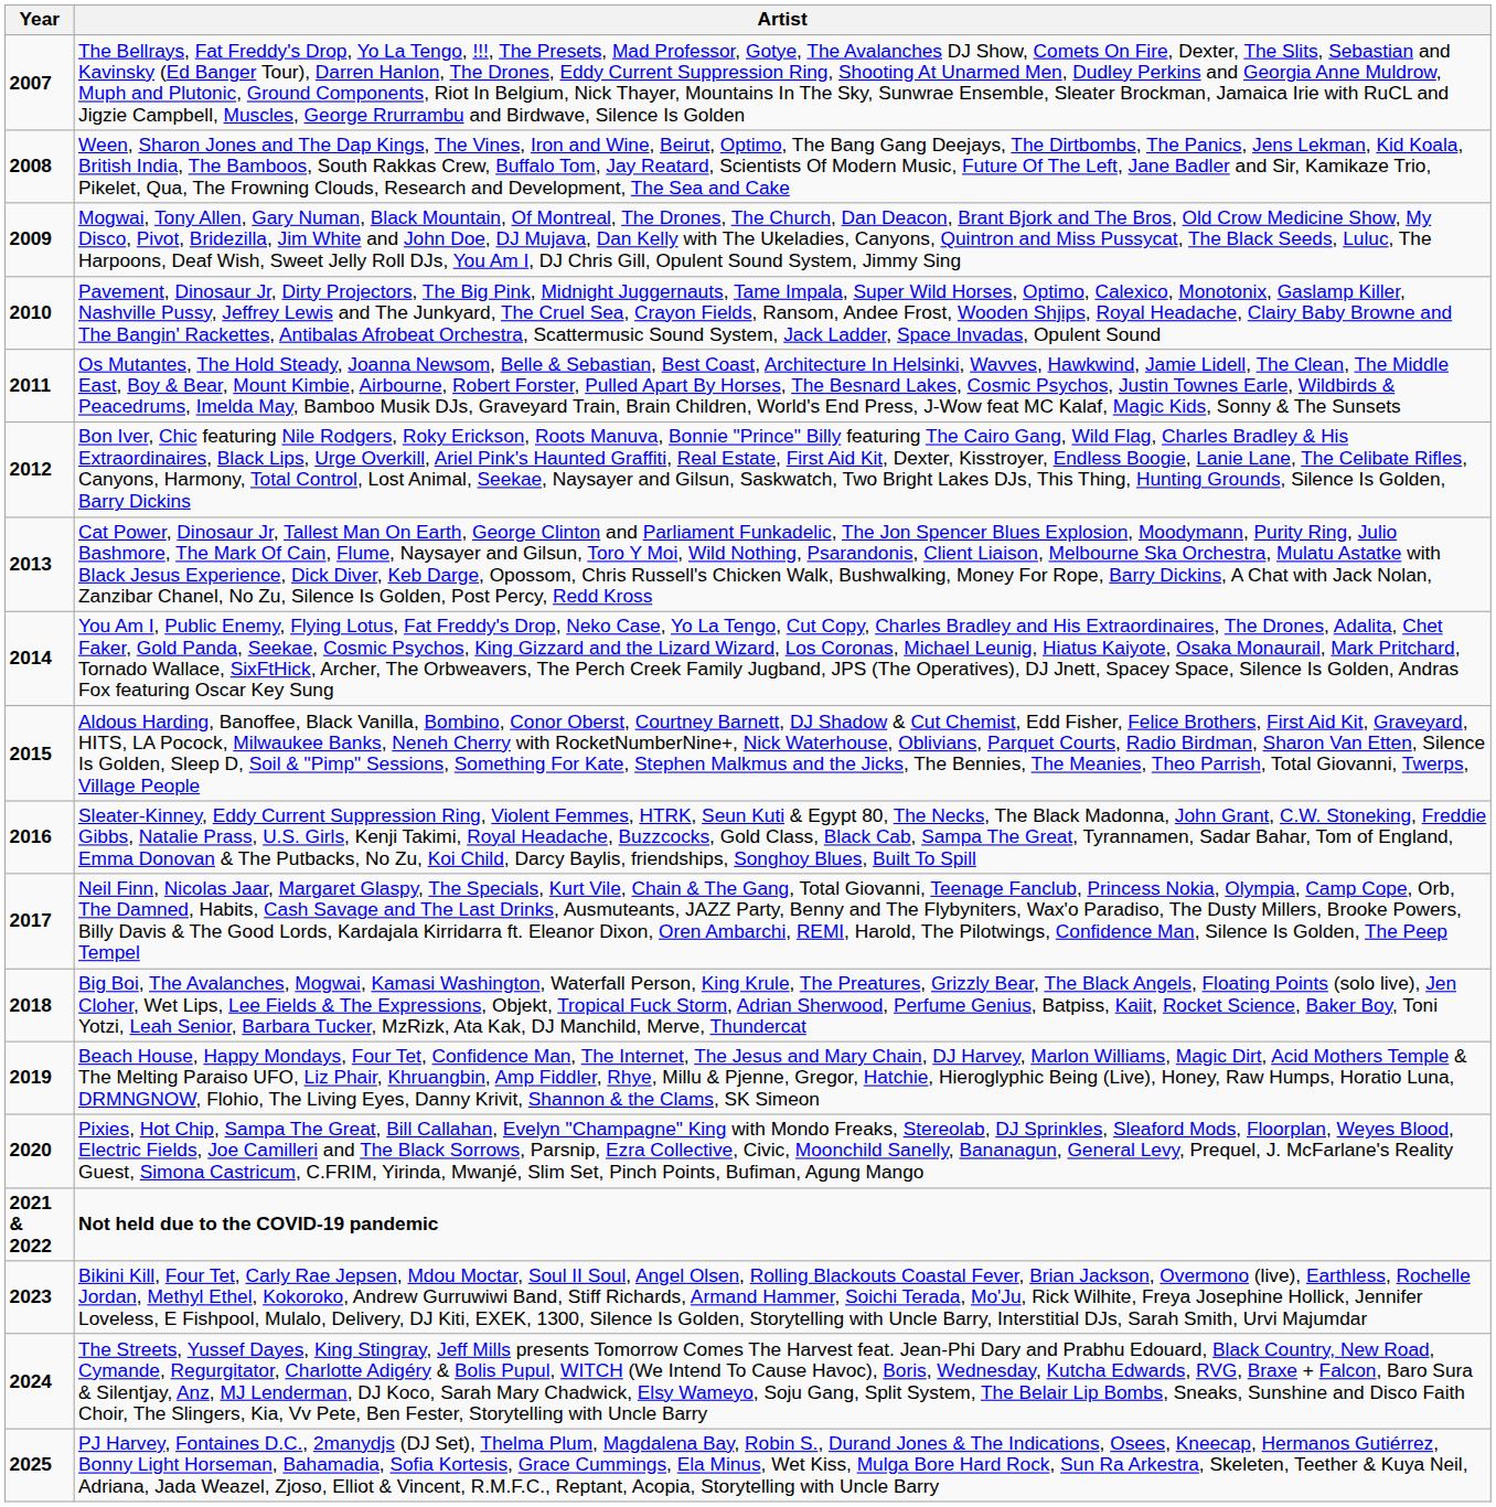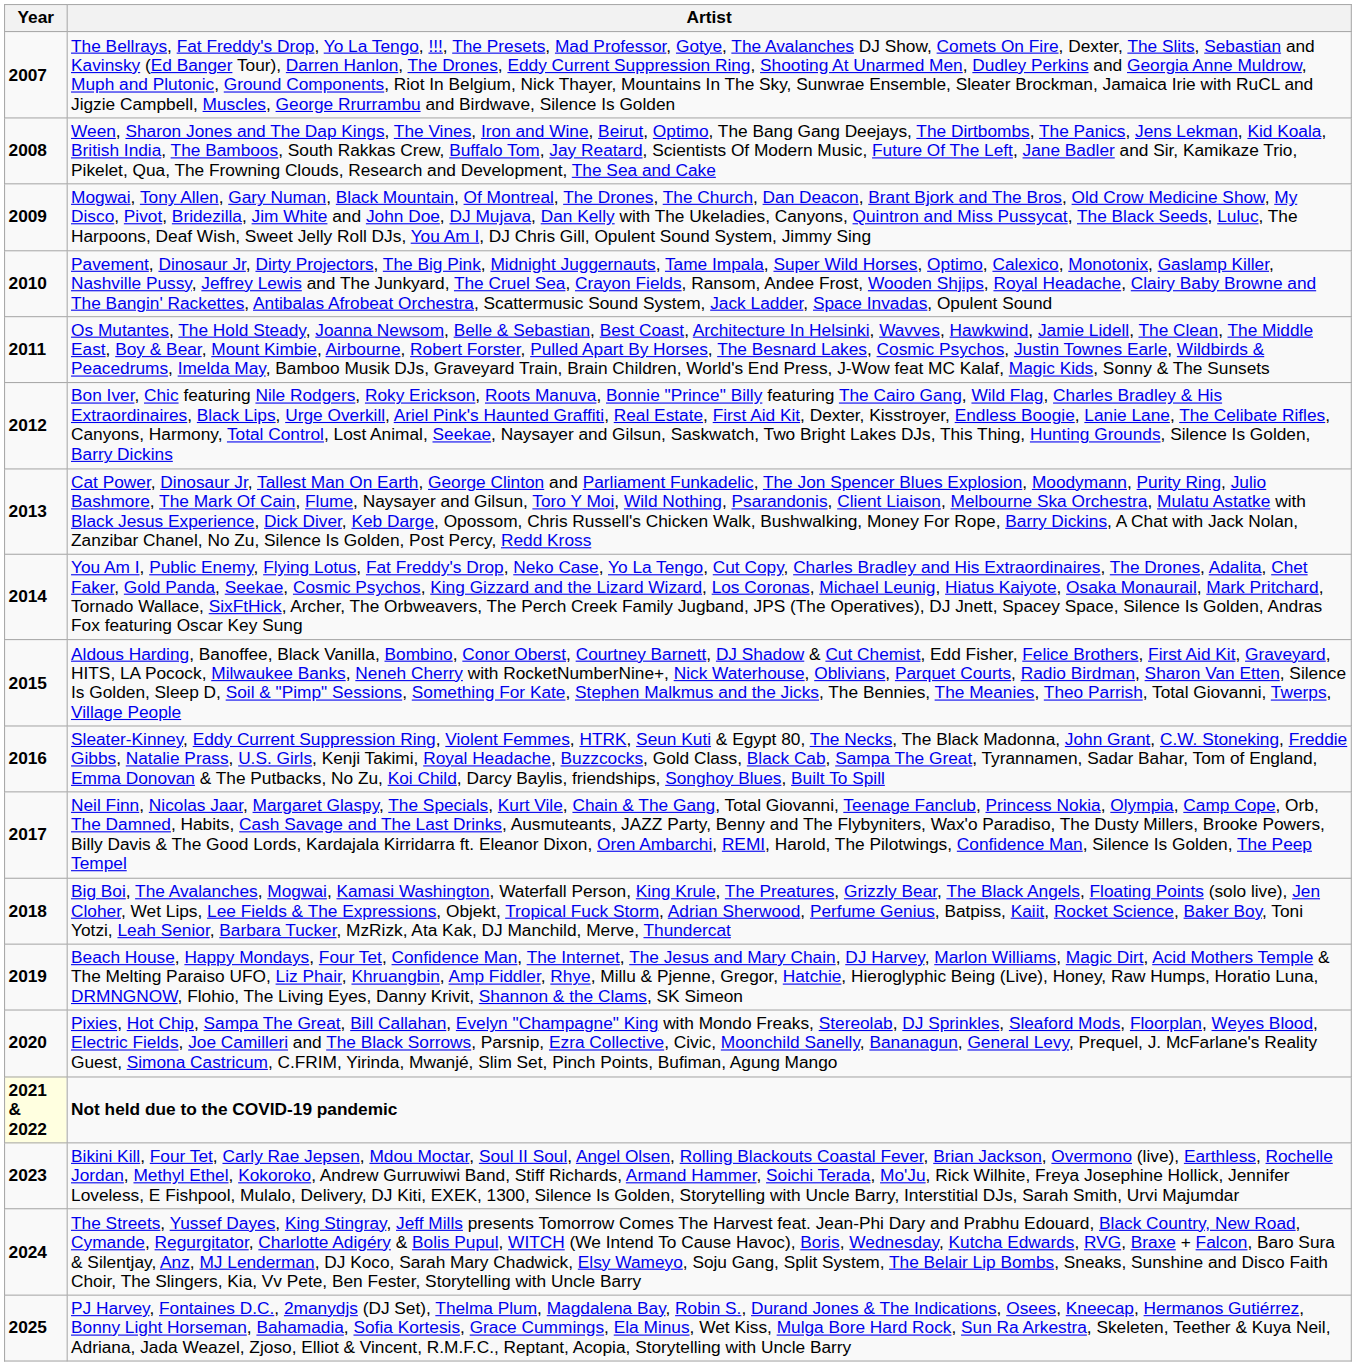 <table class="wikitable">
 <tr>
 <th>Year</th>
 <th>Artist</th>
 </tr>
 <tr>
 <td><strong>2007</strong></td>
 <td><a href='#'>The Bellrays</a>, <a href='#'>Fat Freddy's Drop</a>, <a href='#'>Yo La Tengo</a>, <a href='#'>!!!</a>, <a href='#'>The Presets</a>, <a href='#'>Mad Professor</a>, <a href='#'>Gotye</a>, <a href='#'>The Avalanches</a> DJ Show, <a href='#'>Comets On Fire</a>, Dexter, <a href='#'>The Slits</a>, <a href='#'>Sebastian</a> and <a href='#'>Kavinsky</a> (<a href='#'>Ed Banger</a> Tour), <a href='#'>Darren Hanlon</a>, <a href='#'>The Drones</a>, <a href='#'>Eddy Current Suppression Ring</a>, <a href='#'>Shooting At Unarmed Men</a>, <a href='#'>Dudley Perkins</a> and <a href='#'>Georgia Anne Muldrow</a>, <a href='#'>Muph and Plutonic</a>, <a href='#'>Ground Components</a>, Riot In Belgium, Nick Thayer, Mountains In The Sky, Sunwrae Ensemble, Sleater Brockman, Jamaica Irie with RuCL and Jigzie Campbell, <a href='#'>Muscles</a>, <a href='#'>George Rrurrambu</a> and Birdwave, Silence Is Golden</td>
 </tr>
 <tr>
 <td><strong>2008</strong></td>
 <td><a href='#'>Ween</a>, <a href='#'>Sharon Jones and The Dap Kings</a>, <a href='#'>The Vines</a>, <a href='#'>Iron and Wine</a>, <a href='#'>Beirut</a>, <a href='#'>Optimo</a>, The Bang Gang Deejays, <a href='#'>The Dirtbombs</a>, <a href='#'>The Panics</a>, <a href='#'>Jens Lekman</a>, <a href='#'>Kid Koala</a>, <a href='#'>British India</a>, <a href='#'>The Bamboos</a>, South Rakkas Crew, <a href='#'>Buffalo Tom</a>, <a href='#'>Jay Reatard</a>, Scientists Of Modern Music, <a href='#'>Future Of The Left</a>, <a href='#'>Jane Badler</a> and Sir, Kamikaze Trio, Pikelet, Qua, The Frowning Clouds, Research and Development, <a href='#'>The Sea and Cake</a></td>
 </tr>
 <tr>
 <td><strong>2009</strong></td>
 <td><a href='#'>Mogwai</a>, <a href='#'>Tony Allen</a>, <a href='#'>Gary Numan</a>, <a href='#'>Black Mountain</a>, <a href='#'>Of Montreal</a>, <a href='#'>The Drones</a>, <a href='#'>The Church</a>, <a href='#'>Dan Deacon</a>, <a href='#'>Brant Bjork and The Bros</a>, <a href='#'>Old Crow Medicine Show</a>, <a href='#'>My Disco</a>, <a href='#'>Pivot</a>, <a href='#'>Bridezilla</a>, <a href='#'>Jim White</a> and <a href='#'>John Doe</a>, <a href='#'>DJ Mujava</a>, <a href='#'>Dan Kelly</a> with The Ukeladies, Canyons, <a href='#'>Quintron and Miss Pussycat</a>, <a href='#'>The Black Seeds</a>, <a href='#'>Luluc</a>, The Harpoons, Deaf Wish, Sweet Jelly Roll DJs, <a href='#'>You Am I</a>, DJ Chris Gill, Opulent Sound System, Jimmy Sing</td>
 </tr>
 <tr>
 <td><strong>2010</strong></td>
 <td><a href='#'>Pavement</a>, <a href='#'>Dinosaur Jr</a>, <a href='#'>Dirty Projectors</a>, <a href='#'>The Big Pink</a>, <a href='#'>Midnight Juggernauts</a>, <a href='#'>Tame Impala</a>, <a href='#'>Super Wild Horses</a>, <a href='#'>Optimo</a>, <a href='#'>Calexico</a>, <a href='#'>Monotonix</a>, <a href='#'>Gaslamp Killer</a>, <a href='#'>Nashville Pussy</a>, <a href='#'>Jeffrey Lewis</a> and The Junkyard, <a href='#'>The Cruel Sea</a>, <a href='#'>Crayon Fields</a>, Ransom, Andee Frost, <a href='#'>Wooden Shjips</a>, <a href='#'>Royal Headache</a>, <a href='#'>Clairy Baby Browne and The Bangin' Rackettes</a>, <a href='#'>Antibalas Afrobeat Orchestra</a>, Scattermusic Sound System, <a href='#'>Jack Ladder</a>, <a href='#'>Space Invadas</a>, Opulent Sound</td>
 </tr>
 <tr>
 <td><strong>2011</strong></td>
 <td><a href='#'>Os Mutantes</a>, <a href='#'>The Hold Steady</a>, <a href='#'>Joanna Newsom</a>, <a href='#'>Belle & Sebastian</a>, <a href='#'>Best Coast</a>, <a href='#'>Architecture In Helsinki</a>, <a href='#'>Wavves</a>, <a href='#'>Hawkwind</a>, <a href='#'>Jamie Lidell</a>, <a href='#'>The Clean</a>, <a href='#'>The Middle East</a>, <a href='#'>Boy & Bear</a>, <a href='#'>Mount Kimbie</a>, <a href='#'>Airbourne</a>, <a href='#'>Robert Forster</a>, <a href='#'>Pulled Apart By Horses</a>, <a href='#'>The Besnard Lakes</a>, <a href='#'>Cosmic Psychos</a>, <a href='#'>Justin Townes Earle</a>, <a href='#'>Wildbirds & Peacedrums</a>, <a href='#'>Imelda May</a>, Bamboo Musik DJs, Graveyard Train, Brain Children, World's End Press, J-Wow feat MC Kalaf, <a href='#'>Magic Kids</a>, Sonny & The Sunsets</td>
 </tr>
 <tr>
 <td><strong>2012</strong></td>
 <td><a href='#'>Bon Iver</a>, <a href='#'>Chic</a> featuring <a href='#'>Nile Rodgers</a>, <a href='#'>Roky Erickson</a>, <a href='#'>Roots Manuva</a>, <a href='#'>Bonnie "Prince" Billy</a> featuring <a href='#'>The Cairo Gang</a>, <a href='#'>Wild Flag</a>, <a href='#'>Charles Bradley & His Extraordinaires</a>, <a href='#'>Black Lips</a>, <a href='#'>Urge Overkill</a>, <a href='#'>Ariel Pink's Haunted Graffiti</a>, <a href='#'>Real Estate</a>, <a href='#'>First Aid Kit</a>, Dexter, Kisstroyer, <a href='#'>Endless Boogie</a>, <a href='#'>Lanie Lane</a>, <a href='#'>The Celibate Rifles</a>, Canyons, Harmony, <a href='#'>Total Control</a>, Lost Animal, <a href='#'>Seekae</a>, Naysayer and Gilsun, Saskwatch, Two Bright Lakes DJs, This Thing, <a href='#'>Hunting Grounds</a>, Silence Is Golden, <a href='#'>Barry Dickins</a></td>
 </tr>
 <tr>
 <td><strong>2013</strong></td>
 <td><a href='#'>Cat Power</a>, <a href='#'>Dinosaur Jr</a>, <a href='#'>Tallest Man On Earth</a>, <a href='#'>George Clinton</a> and <a href='#'>Parliament Funkadelic</a>, <a href='#'>The Jon Spencer Blues Explosion</a>, <a href='#'>Moodymann</a>, <a href='#'>Purity Ring</a>, <a href='#'>Julio Bashmore</a>, <a href='#'>The Mark Of Cain</a>, <a href='#'>Flume</a>, Naysayer and Gilsun, <a href='#'>Toro Y Moi</a>, <a href='#'>Wild Nothing</a>, <a href='#'>Psarandonis</a>, <a href='#'>Client Liaison</a>, <a href='#'>Melbourne Ska Orchestra</a>, <a href='#'>Mulatu Astatke</a> with <a href='#'>Black Jesus Experience</a>, <a href='#'>Dick Diver</a>, <a href='#'>Keb Darge</a>, Opossom, Chris Russell's Chicken Walk, Bushwalking, Money For Rope, <a href='#'>Barry Dickins</a>, A Chat with Jack Nolan, Zanzibar Chanel, No Zu, Silence Is Golden, Post Percy, <a href='#'>Redd Kross</a></td>
 </tr>
 <tr>
 <td><strong>2014</strong></td>
 <td><a href='#'>You Am I</a>, <a href='#'>Public Enemy</a>, <a href='#'>Flying Lotus</a>, <a href='#'>Fat Freddy's Drop</a>, <a href='#'>Neko Case</a>, <a href='#'>Yo La Tengo</a>, <a href='#'>Cut Copy</a>, <a href='#'>Charles Bradley and His Extraordinaires</a>, <a href='#'>The Drones</a>, <a href='#'>Adalita</a>, <a href='#'>Chet Faker</a>, <a href='#'>Gold Panda</a>, <a href='#'>Seekae</a>, <a href='#'>Cosmic Psychos</a>, <a href='#'>King Gizzard and the Lizard Wizard</a>, <a href='#'>Los Coronas</a>, <a href='#'>Michael Leunig</a>, <a href='#'>Hiatus Kaiyote</a>, <a href='#'>Osaka Monaurail</a>, <a href='#'>Mark Pritchard</a>, Tornado Wallace, <a href='#'>SixFtHick</a>, Archer, The Orbweavers, The Perch Creek Family Jugband, JPS (The Operatives), DJ Jnett, Spacey Space, Silence Is Golden, Andras Fox featuring Oscar Key Sung</td>
 </tr>
 <tr>
 <td><strong>2015</strong></td>
 <td><a href='#'>Aldous Harding</a>, Banoffee, Black Vanilla, <a href='#'>Bombino</a>, <a href='#'>Conor Oberst</a>, <a href='#'>Courtney Barnett</a>, <a href='#'>DJ Shadow</a> & <a href='#'>Cut Chemist</a>, Edd Fisher, <a href='#'>Felice Brothers</a>, <a href='#'>First Aid Kit</a>, <a href='#'>Graveyard</a>, HITS, LA Pocock, <a href='#'>Milwaukee Banks</a>, <a href='#'>Neneh Cherry</a> with RocketNumberNine+, <a href='#'>Nick Waterhouse</a>, <a href='#'>Oblivians</a>, <a href='#'>Parquet Courts</a>, <a href='#'>Radio Birdman</a>, <a href='#'>Sharon Van Etten</a>, Silence Is Golden, Sleep D, <a href='#'>Soil & "Pimp" Sessions</a>, <a href='#'>Something For Kate</a>, <a href='#'>Stephen Malkmus and the Jicks</a>, The Bennies, <a href='#'>The Meanies</a>, <a href='#'>Theo Parrish</a>, Total Giovanni, <a href='#'>Twerps</a>, <a href='#'>Village People</a></td>
 </tr>
 <tr>
 <td><strong>2016</strong></td>
 <td><a href='#'>Sleater-Kinney</a>, <a href='#'>Eddy Current Suppression Ring</a>, <a href='#'>Violent Femmes</a>, <a href='#'>HTRK</a>, <a href='#'>Seun Kuti</a> & Egypt 80, <a href='#'>The Necks</a>, The Black Madonna, <a href='#'>John Grant</a>, <a href='#'>C.W. Stoneking</a>, <a href='#'>Freddie Gibbs</a>, <a href='#'>Natalie Prass</a>, <a href='#'>U.S. Girls</a>, Kenji Takimi, <a href='#'>Royal Headache</a>, <a href='#'>Buzzcocks</a>, Gold Class, <a href='#'>Black Cab</a>, <a href='#'>Sampa The Great</a>, Tyrannamen, Sadar Bahar, Tom of England, <a href='#'>Emma Donovan</a> & The Putbacks, No Zu, <a href='#'>Koi Child</a>, Darcy Baylis, friendships, <a href='#'>Songhoy Blues</a>, <a href='#'>Built To Spill</a></td>
 </tr>
 <tr>
 <td><strong>2017</strong></td>
 <td><a href='#'>Neil Finn</a>, <a href='#'>Nicolas Jaar</a>, <a href='#'>Margaret Glaspy</a>, <a href='#'>The Specials</a>, <a href='#'>Kurt Vile</a>, <a href='#'>Chain & The Gang</a>, Total Giovanni, <a href='#'>Teenage Fanclub</a>, <a href='#'>Princess Nokia</a>, <a href='#'>Olympia</a>, <a href='#'>Camp Cope</a>, Orb, <a href='#'>The Damned</a>, Habits, <a href='#'>Cash Savage and The Last Drinks</a>, Ausmuteants, JAZZ Party, Benny and The Flybyniters, Wax'o Paradiso, The Dusty Millers, Brooke Powers, Billy Davis & The Good Lords, Kardajala Kirridarra ft. Eleanor Dixon, <a href='#'>Oren Ambarchi</a>, <a href='#'>REMI</a>, Harold, The Pilotwings, <a href='#'>Confidence Man</a>, Silence Is Golden, <a href='#'>The Peep Tempel</a></td>
 </tr>
 <tr>
 <td><strong>2018</strong></td>
 <td><a href='#'>Big Boi</a>, <a href='#'>The Avalanches</a>, <a href='#'>Mogwai</a>, <a href='#'>Kamasi Washington</a>, Waterfall Person, <a href='#'>King Krule</a>, <a href='#'>The Preatures</a>, <a href='#'>Grizzly Bear</a>, <a href='#'>The Black Angels</a>, <a href='#'>Floating Points</a> (solo live), <a href='#'>Jen Cloher</a>, Wet Lips, <a href='#'>Lee Fields & The Expressions</a>, Objekt, <a href='#'>Tropical Fuck Storm</a>, <a href='#'>Adrian Sherwood</a>, <a href='#'>Perfume Genius</a>, Batpiss, <a href='#'>Kaiit</a>, <a href='#'>Rocket Science</a>, <a href='#'>Baker Boy</a>, Toni Yotzi, <a href='#'>Leah Senior</a>, <a href='#'>Barbara Tucker</a>, MzRizk, Ata Kak, DJ Manchild, Merve, <a href='#'>Thundercat</a></td>
 </tr>
 <tr>
 <td><strong>2019</strong></td>
 <td><a href='#'>Beach House</a>, <a href='#'>Happy Mondays</a>, <a href='#'>Four Tet</a>, <a href='#'>Confidence Man</a>, <a href='#'>The Internet</a>, <a href='#'>The Jesus and Mary Chain</a>, <a href='#'>DJ Harvey</a>, <a href='#'>Marlon Williams</a>, <a href='#'>Magic Dirt</a>, <a href='#'>Acid Mothers Temple</a> & The Melting Paraiso UFO, <a href='#'>Liz Phair</a>, <a href='#'>Khruangbin</a>, <a href='#'>Amp Fiddler</a>, <a href='#'>Rhye</a>, Millu & Pjenne, Gregor, <a href='#'>Hatchie</a>, Hieroglyphic Being (Live), Honey, Raw Humps, Horatio Luna, <a href='#'>DRMNGNOW</a>, Flohio, The Living Eyes, Danny Krivit, <a href='#'>Shannon & the Clams</a>, SK Simeon</td>
 </tr>
 <tr>
 <td><strong>2020</strong></td>
 <td><a href='#'>Pixies</a>, <a href='#'>Hot Chip</a>, <a href='#'>Sampa The Great</a>, <a href='#'>Bill Callahan</a>, <a href='#'>Evelyn "Champagne" King</a> with Mondo Freaks, <a href='#'>Stereolab</a>, <a href='#'>DJ Sprinkles</a>, <a href='#'>Sleaford Mods</a>, <a href='#'>Floorplan</a>, <a href='#'>Weyes Blood</a>, <a href='#'>Electric Fields</a>, <a href='#'>Joe Camilleri</a> and <a href='#'>The Black Sorrows</a>, Parsnip, <a href='#'>Ezra Collective</a>, Civic, <a href='#'>Moonchild Sanelly</a>, <a href='#'>Bananagun</a>, <a href='#'>General Levy</a>, Prequel, J. McFarlane's Reality Guest, <a href='#'>Simona Castricum</a>, C.FRIM, Yirinda, Mwanjé, Slim Set, Pinch Points, Bufiman, Agung Mango</td>
 </tr>
 <tr>
-<td><strong>2021 & 2022</strong></td>
+<td style="background: lightyellow;"><strong>2021 & 2022</strong></td>
 <td><strong>Not held due to the COVID-19 pandemic</strong></td>
 </tr>
 <tr>
 <td><strong>2023</strong></td>
 <td><a href='#'>Bikini Kill</a>, <a href='#'>Four Tet</a>, <a href='#'>Carly Rae Jepsen</a>, <a href='#'>Mdou Moctar</a>, <a href='#'>Soul II Soul</a>, <a href='#'>Angel Olsen</a>, <a href='#'>Rolling Blackouts Coastal Fever</a>, <a href='#'>Brian Jackson</a>, <a href='#'>Overmono</a> (live), <a href='#'>Earthless</a>, <a href='#'>Rochelle Jordan</a>, <a href='#'>Methyl Ethel</a>, <a href='#'>Kokoroko</a>, Andrew Gurruwiwi Band, Stiff Richards, <a href='#'>Armand Hammer</a>, <a href='#'>Soichi Terada</a>, <a href='#'>Mo'Ju</a>, Rick Wilhite, Freya Josephine Hollick, Jennifer Loveless, E Fishpool, Mulalo, Delivery, DJ Kiti, EXEK, 1300, Silence Is Golden, Storytelling with Uncle Barry, Interstitial DJs, Sarah Smith, Urvi Majumdar</td>
 </tr>
 <tr>
 <td><strong>2024</strong></td>
 <td><a href='#'>The Streets</a>, <a href='#'>Yussef Dayes</a>, <a href='#'>King Stingray</a>, <a href='#'>Jeff Mills</a> presents Tomorrow Comes The Harvest feat. Jean-Phi Dary and Prabhu Edouard, <a href='#'>Black Country, New Road</a>, <a href='#'>Cymande</a>, <a href='#'>Regurgitator</a>, <a href='#'>Charlotte Adigéry</a> & <a href='#'>Bolis Pupul</a>, <a href='#'>WITCH</a> (We Intend To Cause Havoc), <a href='#'>Boris</a>, <a href='#'>Wednesday</a>, <a href='#'>Kutcha Edwards</a>, <a href='#'>RVG</a>, <a href='#'>Braxe</a> + <a href='#'>Falcon</a>, Baro Sura & Silentjay, <a href='#'>Anz</a>, <a href='#'>MJ Lenderman</a>, DJ Koco, Sarah Mary Chadwick, <a href='#'>Elsy Wameyo</a>, Soju Gang, Split System, <a href='#'>The Belair Lip Bombs</a>, Sneaks, Sunshine and Disco Faith Choir, The Slingers, Kia, Vv Pete, Ben Fester, Storytelling with Uncle Barry</td>
 </tr>
 <tr>
 <td><strong>2025</strong></td>
 <td><a href='#'>PJ Harvey</a>, <a href='#'>Fontaines D.C.</a>, <a href='#'>2manydjs</a> (DJ Set), <a href='#'>Thelma Plum</a>, <a href='#'>Magdalena Bay</a>, <a href='#'>Robin S.</a>, <a href='#'>Durand Jones & The Indications</a>, <a href='#'>Osees</a>, <a href='#'>Kneecap</a>, <a href='#'>Hermanos Gutiérrez</a>, <a href='#'>Bonny Light Horseman</a>, <a href='#'>Bahamadia</a>, <a href='#'>Sofia Kortesis</a>, <a href='#'>Grace Cummings</a>, <a href='#'>Ela Minus</a>, Wet Kiss, <a href='#'>Mulga Bore Hard Rock</a>, <a href='#'>Sun Ra Arkestra</a>, Skeleten, Teether & Kuya Neil, Adriana, Jada Weazel, Zjoso, Elliot & Vincent, R.M.F.C., Reptant, Acopia, Storytelling with Uncle Barry</td>
 </tr>
 </table>
